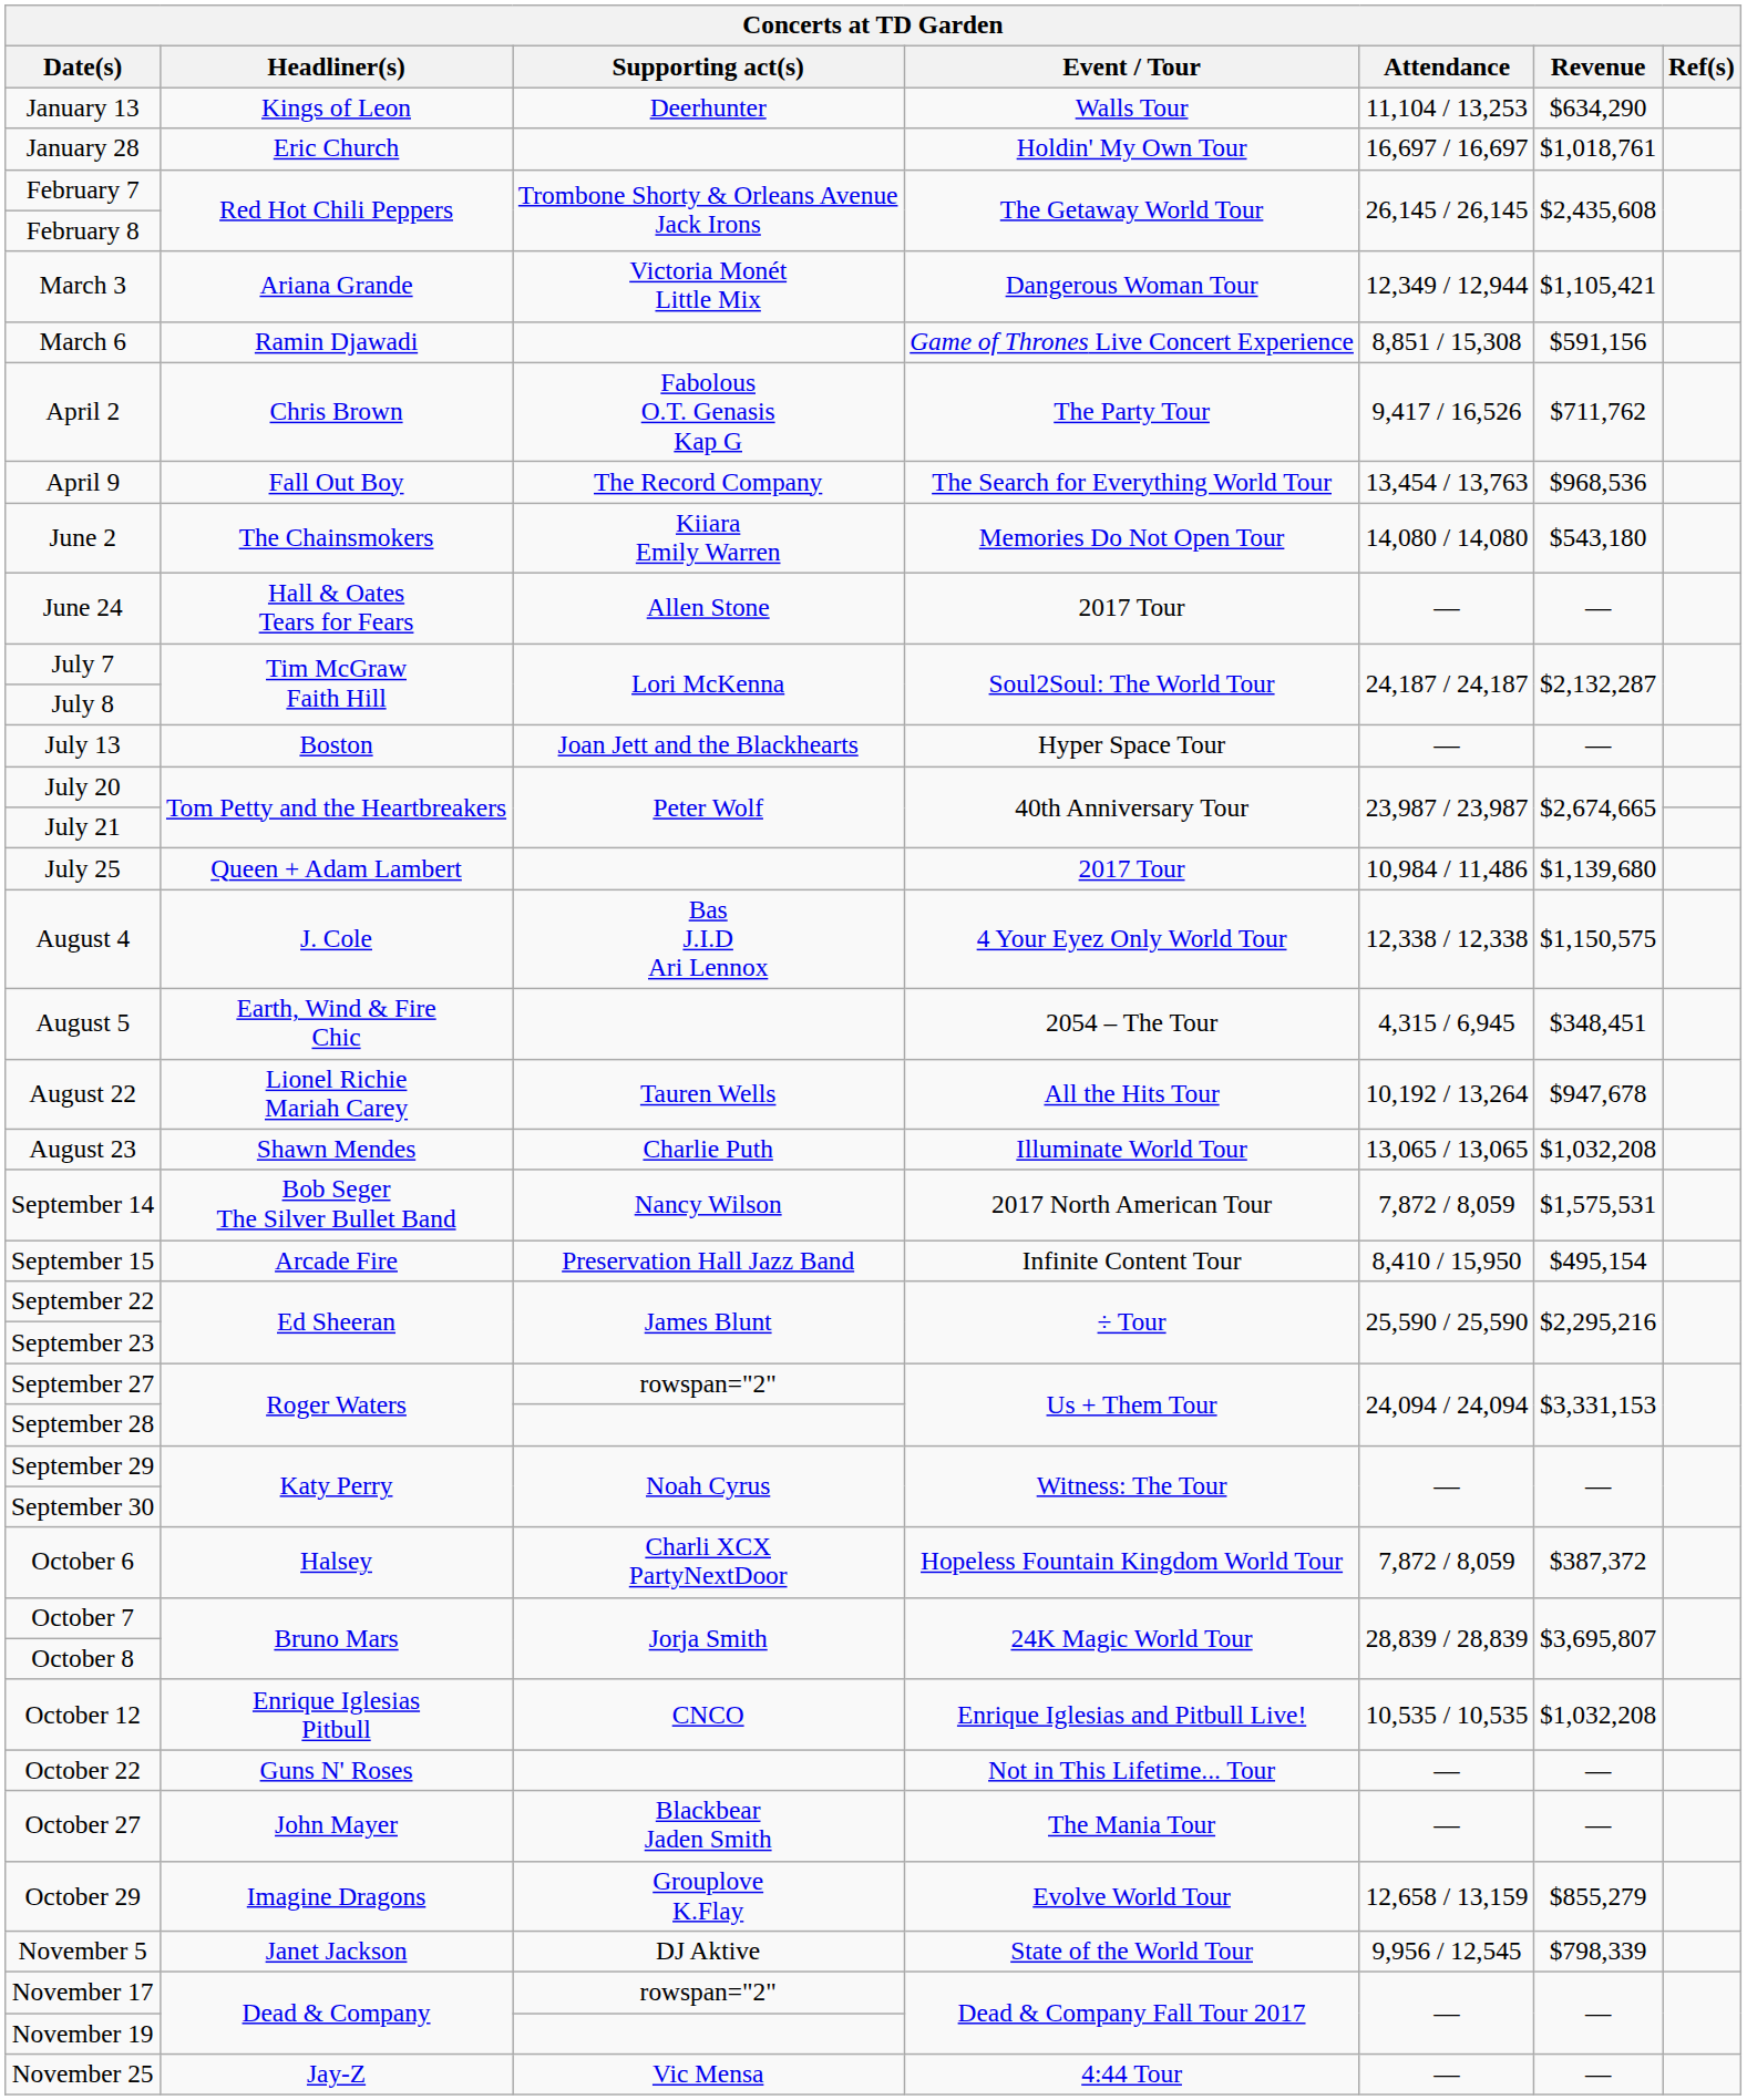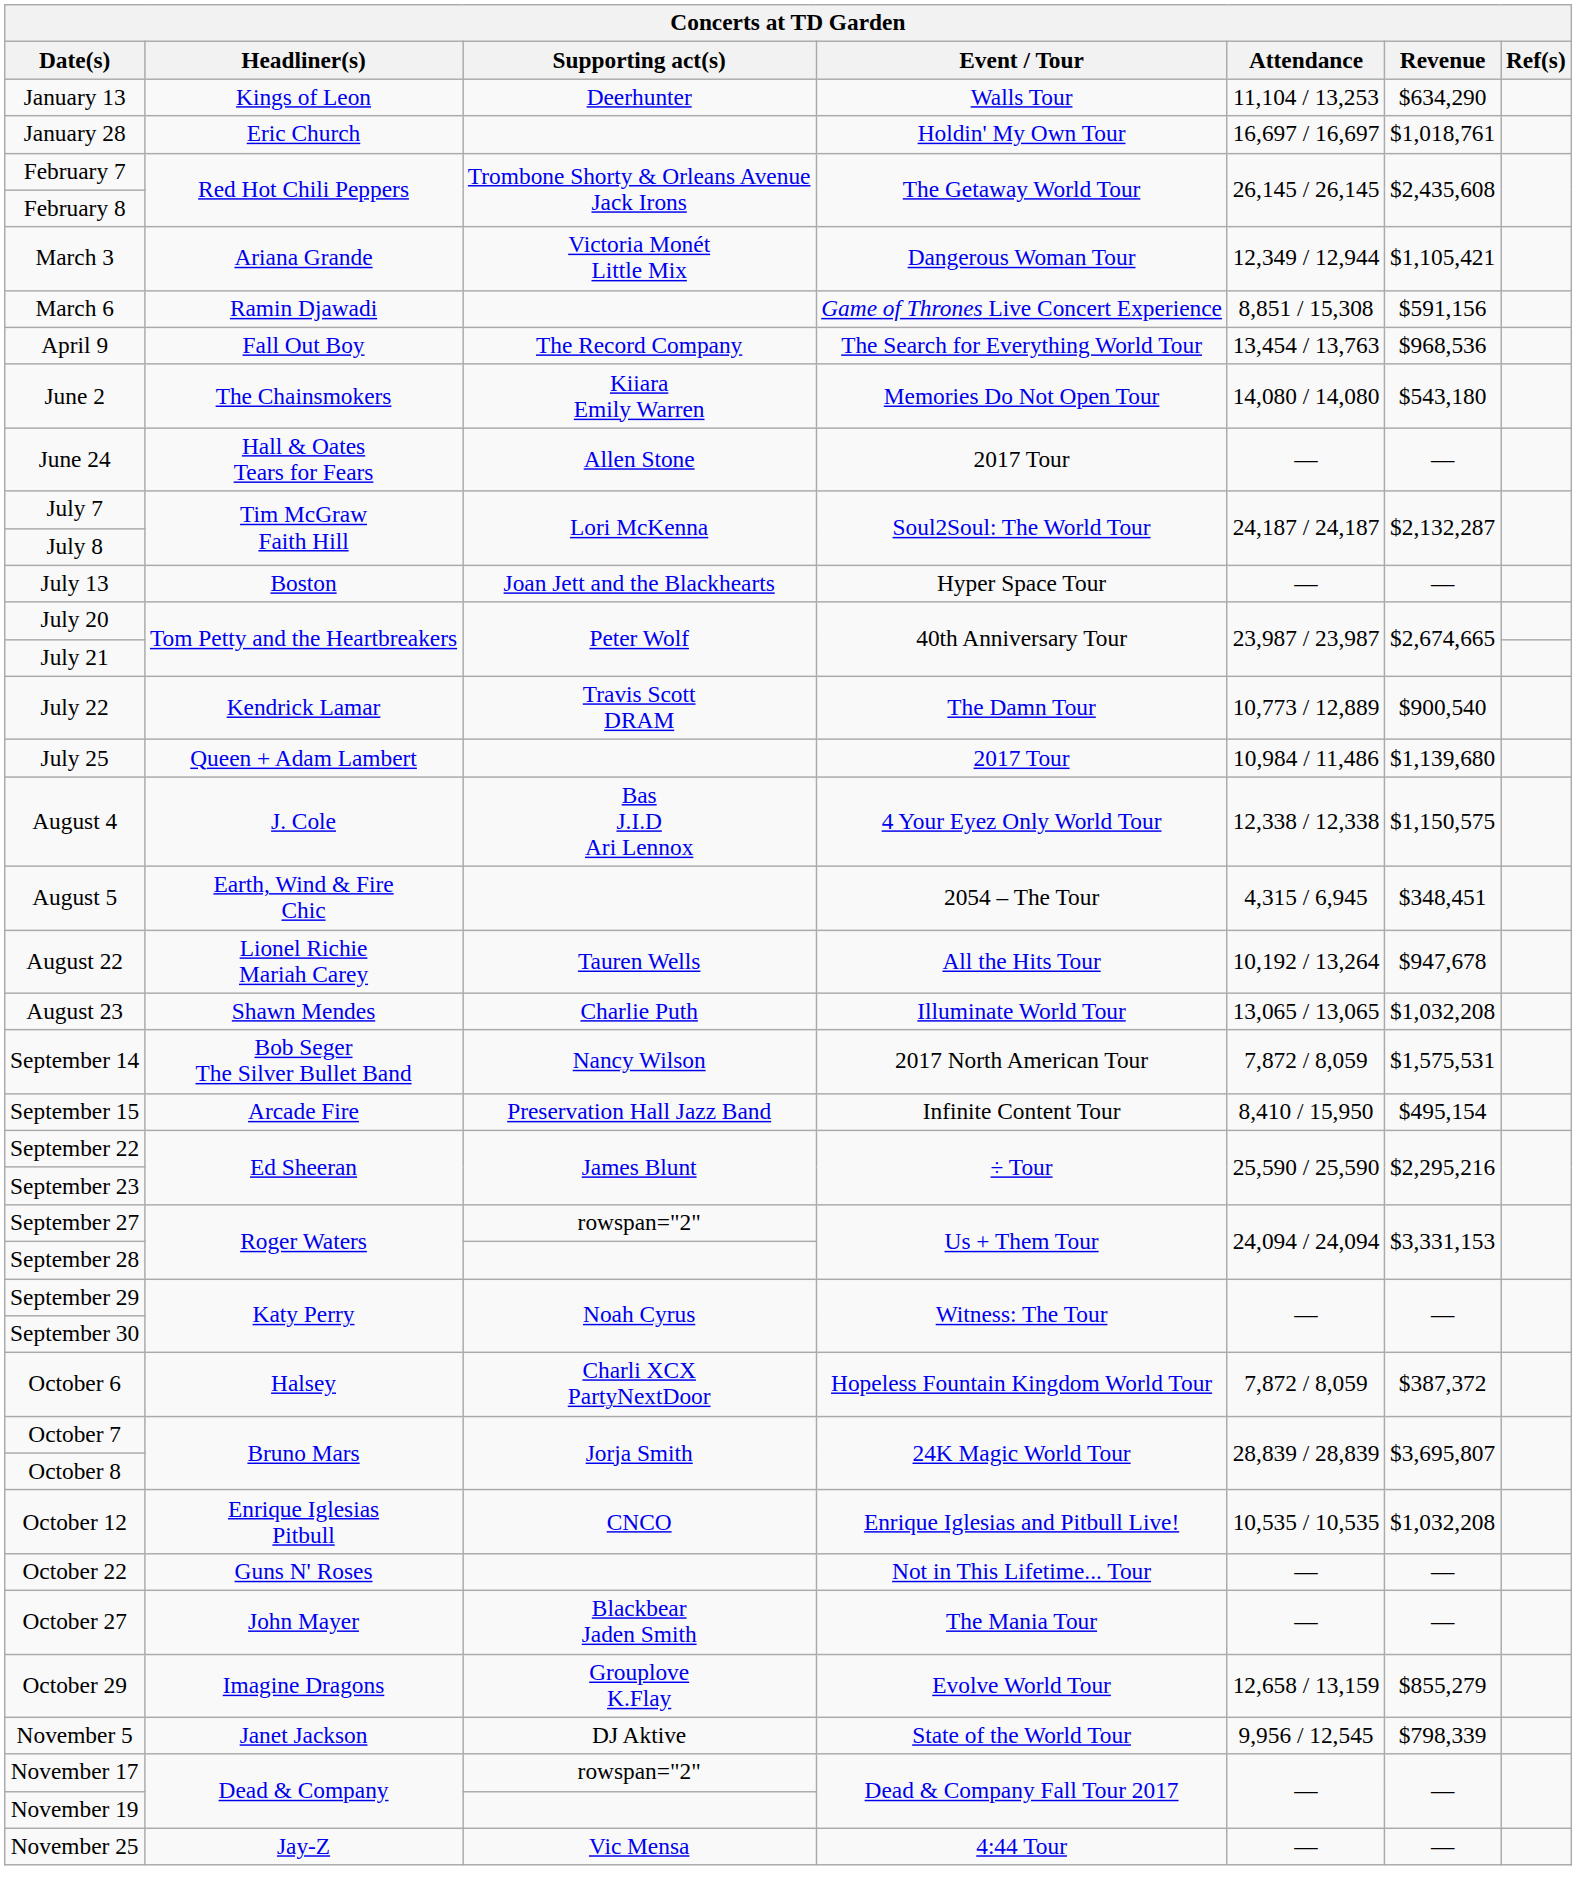 <table class="wikitable mw-collapsible mw-collapsed" style="text-align:center;">
 <tr>
 <th colspan="7">Concerts at TD Garden</th>
 </tr>
 <tr>
 <th>Date(s)</th>
 <th>Headliner(s)</th>
 <th>Supporting act(s)</th>
 <th>Event / Tour</th>
 <th>Attendance</th>
 <th>Revenue</th>
 <th>Ref(s)</th>
 </tr>
 <tr>
 <td>January 13</td>
 <td><a href='#'>Kings of Leon</a></td>
 <td><a href='#'>Deerhunter</a></td>
 <td><a href='#'>Walls Tour</a></td>
 <td>11,104 / 13,253</td>
 <td>$634,290</td>
 <td></td>
 </tr>
 <tr>
 <td>January 28</td>
 <td><a href='#'>Eric Church</a></td>
 <td></td>
 <td><a href='#'>Holdin' My Own Tour</a></td>
 <td>16,697 / 16,697</td>
 <td>$1,018,761</td>
 <td></td>
 </tr>
 <tr>
 <td>February 7</td>
 <td rowspan="2"><a href='#'>Red Hot Chili Peppers</a></td>
 <td rowspan="2"><a href='#'>Trombone Shorty & Orleans Avenue</a><br><a href='#'>Jack Irons</a></td>
 <td rowspan="2"><a href='#'>The Getaway World Tour</a></td>
 <td rowspan="2">26,145 / 26,145</td>
 <td rowspan="2">$2,435,608</td>
 <td rowspan="2"></td>
 </tr>
 <tr>
 <td>February 8</td>
 </tr>
 <tr>
 <td>March 3</td>
 <td><a href='#'>Ariana Grande</a></td>
 <td><a href='#'>Victoria Monét</a><br><a href='#'>Little Mix</a></td>
 <td><a href='#'>Dangerous Woman Tour</a></td>
 <td>12,349 / 12,944</td>
 <td>$1,105,421</td>
 <td></td>
 </tr>
 <tr>
 <td>March 6</td>
 <td><a href='#'>Ramin Djawadi</a></td>
 <td></td>
 <td><a href='#'><em>Game of Thrones</em> Live Concert Experience</a></td>
 <td>8,851 / 15,308</td>
 <td>$591,156</td>
 <td></td>
 </tr>
 <tr>
-<td>April 2</td>
-<td><a href='#'>Chris Brown</a></td>
-<td><a href='#'>Fabolous</a><br><a href='#'>O.T. Genasis</a><br><a href='#'>Kap G</a></td>
-<td><a href='#'>The Party Tour</a></td>
-<td>9,417 / 16,526</td>
-<td>$711,762</td>
-<td></td>
-</tr>
-<tr>
 <td>April 9</td>
 <td><a href='#'>Fall Out Boy</a></td>
 <td><a href='#'>The Record Company</a></td>
 <td><a href='#'>The Search for Everything World Tour</a></td>
 <td>13,454 / 13,763</td>
 <td>$968,536</td>
 <td></td>
 </tr>
 <tr>
 <td>June 2</td>
 <td><a href='#'>The Chainsmokers</a></td>
 <td><a href='#'>Kiiara</a><br><a href='#'>Emily Warren</a></td>
 <td><a href='#'>Memories Do Not Open Tour</a></td>
 <td>14,080 / 14,080</td>
 <td>$543,180</td>
 <td></td>
 </tr>
 <tr>
 <td>June 24</td>
 <td><a href='#'>Hall & Oates</a><br><a href='#'>Tears for Fears</a></td>
 <td><a href='#'>Allen Stone</a></td>
 <td>2017 Tour</td>
 <td>—</td>
 <td>—</td>
 <td></td>
 </tr>
 <tr>
 <td>July 7</td>
 <td rowspan="2"><a href='#'>Tim McGraw</a><br><a href='#'>Faith Hill</a></td>
 <td rowspan="2"><a href='#'>Lori McKenna</a></td>
 <td rowspan="2"><a href='#'>Soul2Soul: The World Tour</a></td>
 <td rowspan="2">24,187 / 24,187</td>
 <td rowspan="2">$2,132,287</td>
 <td rowspan="2"></td>
 </tr>
 <tr>
 <td>July 8</td>
 </tr>
 <tr>
 <td>July 13</td>
 <td><a href='#'>Boston</a></td>
 <td><a href='#'>Joan Jett and the Blackhearts</a></td>
 <td>Hyper Space Tour</td>
 <td>—</td>
 <td>—</td>
 <td></td>
 </tr>
 <tr>
 <td>July 20</td>
 <td rowspan="2"><a href='#'>Tom Petty and the Heartbreakers</a></td>
 <td rowspan="2"><a href='#'>Peter Wolf</a></td>
 <td rowspan="2">40th Anniversary Tour</td>
 <td rowspan="2">23,987 / 23,987</td>
 <td rowspan="2">$2,674,665</td>
 <td></td>
 </tr>
 <tr>
 <td>July 21</td>
+<td></td>
+</tr>
+<tr>
+<td>July 22</td>
+<td><a href='#'>Kendrick Lamar</a></td>
+<td><a href='#'>Travis Scott</a><br><a href='#'>DRAM</a></td>
+<td><a href='#'>The Damn Tour</a></td>
+<td>10,773 / 12,889</td>
+<td>$900,540</td>
 <td></td>
 </tr>
 <tr>
 <td>July 25</td>
 <td><a href='#'>Queen + Adam Lambert</a></td>
 <td></td>
 <td><a href='#'>2017 Tour</a></td>
 <td>10,984 / 11,486</td>
 <td>$1,139,680</td>
 <td></td>
 </tr>
 <tr>
 <td>August 4</td>
 <td><a href='#'>J. Cole</a></td>
 <td><a href='#'>Bas</a><br><a href='#'>J.I.D</a><br><a href='#'>Ari Lennox</a></td>
 <td><a href='#'>4 Your Eyez Only World Tour</a></td>
 <td>12,338 / 12,338</td>
 <td>$1,150,575</td>
 <td></td>
 </tr>
 <tr>
 <td>August 5</td>
 <td><a href='#'>Earth, Wind & Fire</a><br><a href='#'>Chic</a></td>
 <td></td>
 <td>2054 – The Tour</td>
 <td>4,315 / 6,945</td>
 <td>$348,451</td>
 <td></td>
 </tr>
 <tr>
 <td>August 22</td>
 <td><a href='#'>Lionel Richie</a><br><a href='#'>Mariah Carey</a></td>
 <td><a href='#'>Tauren Wells</a></td>
 <td><a href='#'>All the Hits Tour</a></td>
 <td>10,192 / 13,264</td>
 <td>$947,678</td>
 <td></td>
 </tr>
 <tr>
 <td>August 23</td>
 <td><a href='#'>Shawn Mendes</a></td>
 <td><a href='#'>Charlie Puth</a></td>
 <td><a href='#'>Illuminate World Tour</a></td>
 <td>13,065 / 13,065</td>
 <td>$1,032,208</td>
 <td></td>
 </tr>
 <tr>
 <td>September 14</td>
 <td><a href='#'>Bob Seger</a><br><a href='#'>The Silver Bullet Band</a></td>
 <td><a href='#'>Nancy Wilson</a></td>
 <td>2017 North American Tour</td>
 <td>7,872 / 8,059</td>
 <td>$1,575,531</td>
 <td></td>
 </tr>
 <tr>
 <td>September 15</td>
 <td><a href='#'>Arcade Fire</a></td>
 <td><a href='#'>Preservation Hall Jazz Band</a></td>
 <td>Infinite Content Tour</td>
 <td>8,410 / 15,950</td>
 <td>$495,154</td>
 <td></td>
 </tr>
 <tr>
 <td>September 22</td>
 <td rowspan="2"><a href='#'>Ed Sheeran</a></td>
 <td rowspan="2"><a href='#'>James Blunt</a></td>
 <td rowspan="2"><a href='#'>÷ Tour</a></td>
 <td rowspan="2">25,590 / 25,590</td>
 <td rowspan="2">$2,295,216</td>
 <td rowspan="2"></td>
 </tr>
 <tr>
 <td>September 23</td>
 </tr>
 <tr>
 <td>September 27</td>
 <td rowspan="2"><a href='#'>Roger Waters</a></td>
 <td>rowspan="2" </td>
 <td rowspan="2"><a href='#'>Us + Them Tour</a></td>
 <td rowspan="2">24,094 / 24,094</td>
 <td rowspan="2">$3,331,153</td>
 <td rowspan="2"></td>
 </tr>
 <tr>
 <td>September 28</td>
 </tr>
 <tr>
 <td>September 29</td>
 <td rowspan="2"><a href='#'>Katy Perry</a></td>
 <td rowspan="2"><a href='#'>Noah Cyrus</a></td>
 <td rowspan="2"><a href='#'>Witness: The Tour</a></td>
 <td rowspan="2">—</td>
 <td rowspan="2">—</td>
 <td rowspan="2"></td>
 </tr>
 <tr>
 <td>September 30</td>
 </tr>
 <tr>
 <td>October 6</td>
 <td><a href='#'>Halsey</a></td>
 <td><a href='#'>Charli XCX</a><br><a href='#'>PartyNextDoor</a></td>
 <td><a href='#'>Hopeless Fountain Kingdom World Tour</a></td>
 <td>7,872 / 8,059</td>
 <td>$387,372</td>
 <td></td>
 </tr>
 <tr>
 <td>October 7</td>
 <td rowspan="2"><a href='#'>Bruno Mars</a></td>
 <td rowspan="2"><a href='#'>Jorja Smith</a></td>
 <td rowspan="2"><a href='#'>24K Magic World Tour</a></td>
 <td rowspan="2">28,839 / 28,839</td>
 <td rowspan="2">$3,695,807</td>
 <td rowspan="2"></td>
 </tr>
 <tr>
 <td>October 8</td>
 </tr>
 <tr>
 <td>October 12</td>
 <td><a href='#'>Enrique Iglesias</a><br><a href='#'>Pitbull</a></td>
 <td><a href='#'>CNCO</a></td>
 <td><a href='#'>Enrique Iglesias and Pitbull Live!</a></td>
 <td>10,535 / 10,535</td>
 <td>$1,032,208</td>
 <td></td>
 </tr>
 <tr>
 <td>October 22</td>
 <td><a href='#'>Guns N' Roses</a></td>
 <td></td>
 <td><a href='#'>Not in This Lifetime... Tour</a></td>
 <td>—</td>
 <td>—</td>
 <td></td>
 </tr>
 <tr>
 <td>October 27</td>
 <td><a href='#'>John Mayer</a></td>
 <td><a href='#'>Blackbear</a><br><a href='#'>Jaden Smith</a></td>
 <td><a href='#'>The Mania Tour</a></td>
 <td>—</td>
 <td>—</td>
 <td></td>
 </tr>
 <tr>
 <td>October 29</td>
 <td><a href='#'>Imagine Dragons</a></td>
 <td><a href='#'>Grouplove</a><br><a href='#'>K.Flay</a></td>
 <td><a href='#'>Evolve World Tour</a></td>
 <td>12,658 / 13,159</td>
 <td>$855,279</td>
 <td></td>
 </tr>
 <tr>
 <td>November 5</td>
 <td><a href='#'>Janet Jackson</a></td>
 <td>DJ Aktive</td>
 <td><a href='#'>State of the World Tour</a></td>
 <td>9,956 / 12,545</td>
 <td>$798,339</td>
 <td></td>
 </tr>
 <tr>
 <td>November 17</td>
 <td rowspan="2"><a href='#'>Dead & Company</a></td>
 <td>rowspan="2" </td>
 <td rowspan="2"><a href='#'>Dead & Company Fall Tour 2017</a></td>
 <td rowspan="2">—</td>
 <td rowspan="2">—</td>
 <td rowspan="2"></td>
 </tr>
 <tr>
 <td>November 19</td>
 </tr>
 <tr>
 <td>November 25</td>
 <td><a href='#'>Jay-Z</a></td>
 <td><a href='#'>Vic Mensa</a></td>
 <td><a href='#'>4:44 Tour</a></td>
 <td>—</td>
 <td>—</td>
 <td></td>
 </tr>
 </table>
